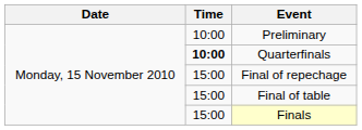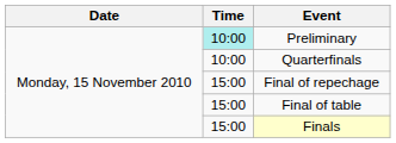 <table class = "wikitable" style="text-align:center;">
 <tr>
 <th width=220>Date</th>
 <th width=50>Time</th>
 <th width=150>Event</th>
 </tr>
 <tr>
 <td rowspan=5>Monday, 15 November 2010</td>
-<td>10:00</td>
+<td style="background: paleturquoise;">10:00</td>
 <td>Preliminary</td>
 </tr>
 <tr>
-<td><strong>10:00</strong></td>
+<td>10:00</td>
 <td>Quarterfinals</td>
 </tr>
 <tr>
 <td>15:00</td>
 <td>Final of repechage</td>
 </tr>
 <tr>
 <td>15:00</td>
 <td>Final of table</td>
 </tr>
 <tr>
 <td>15:00</td>
 <td bgcolor=ffffcc>Finals</td>
 </tr>
 </table>
